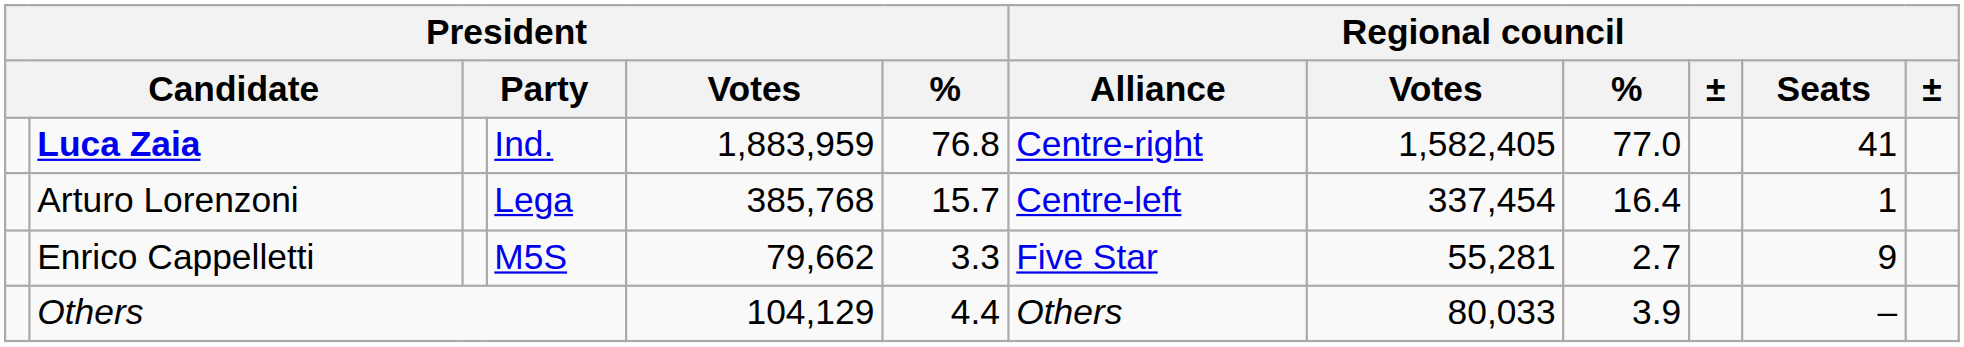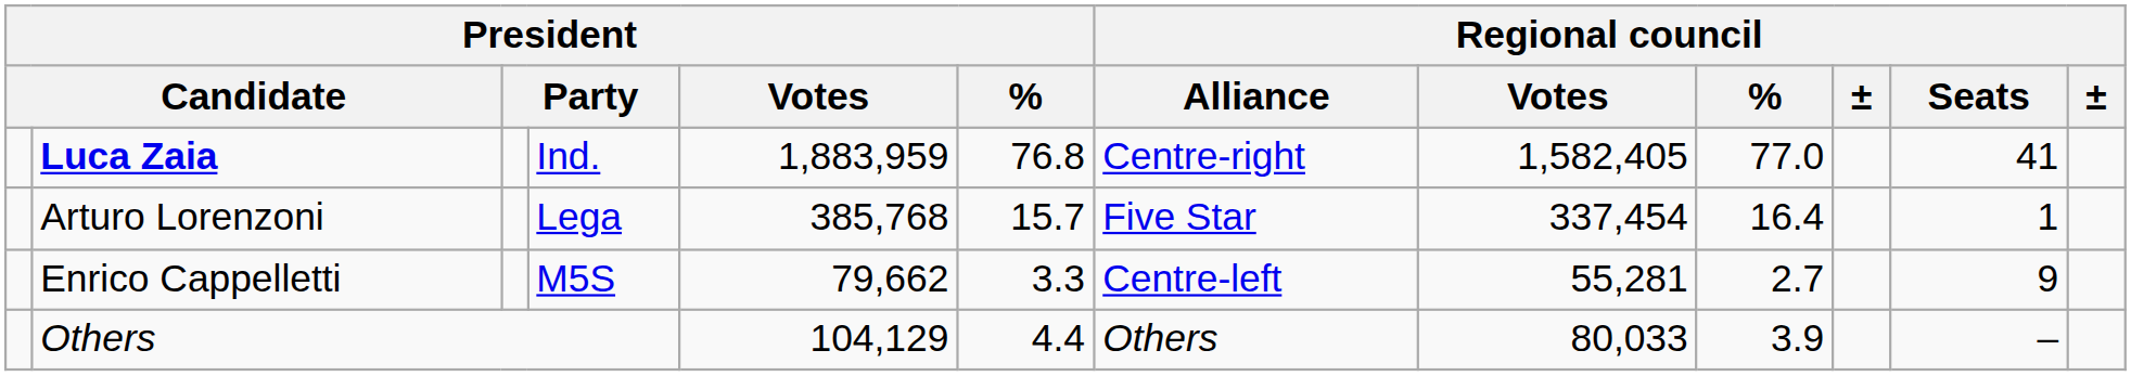 <table class="wikitable" style="text-align:right; style="width=70%">
 <tr>
 <th colspan="6">President</th>
 <th colspan="6">Regional council</th>
 </tr>
 <tr>
 <th colspan="2">Candidate</th>
 <th colspan="2">Party</th>
 <th>Votes</th>
 <th>%</th>
 <th>Alliance</th>
 <th>Votes</th>
 <th>%</th>
 <th>±</th>
 <th>Seats</th>
 <th>±</th>
 </tr>
 <tr>
 <td></td>
 <td style="text-align:left"><strong><a href='#'>Luca Zaia</a></strong></td>
 <td></td>
 <td style="text-align:left"><a href='#'>Ind.</a></td>
 <td>1,883,959</td>
 <td>76.8</td>
 <td style="text-align:left"><a href='#'>Centre-right</a></td>
 <td>1,582,405</td>
 <td>77.0</td>
 <td></td>
 <td>41</td>
 <td></td>
 </tr>
 <tr>
 <td></td>
 <td style="text-align:left">Arturo Lorenzoni</td>
 <td></td>
 <td style="text-align:left"><a href='#'>Lega</a></td>
 <td>385,768</td>
 <td>15.7</td>
-<td style="text-align:left"><a href='#'>Centre-left</a></td>
+<td style="text-align:left"><a href='#'>Five Star</a></td>
 <td>337,454</td>
 <td>16.4</td>
 <td></td>
 <td>1</td>
 <td></td>
 </tr>
 <tr>
 <td></td>
 <td style="text-align:left">Enrico Cappelletti</td>
 <td></td>
 <td style="text-align:left"><a href='#'>M5S</a></td>
 <td>79,662</td>
 <td>3.3</td>
-<td style="text-align:left"><a href='#'>Five Star</a></td>
+<td style="text-align:left"><a href='#'>Centre-left</a></td>
 <td>55,281</td>
 <td>2.7</td>
 <td></td>
 <td>9</td>
 <td></td>
 </tr>
 <tr>
 <td></td>
 <td colspan="3" style="text-align:left"><em>Others</em></td>
 <td>104,129</td>
 <td>4.4</td>
 <td style="text-align:left"><em>Others</em></td>
 <td>80,033</td>
 <td>3.9</td>
 <td></td>
 <td>–</td>
 <td></td>
 </tr>
 </table>
